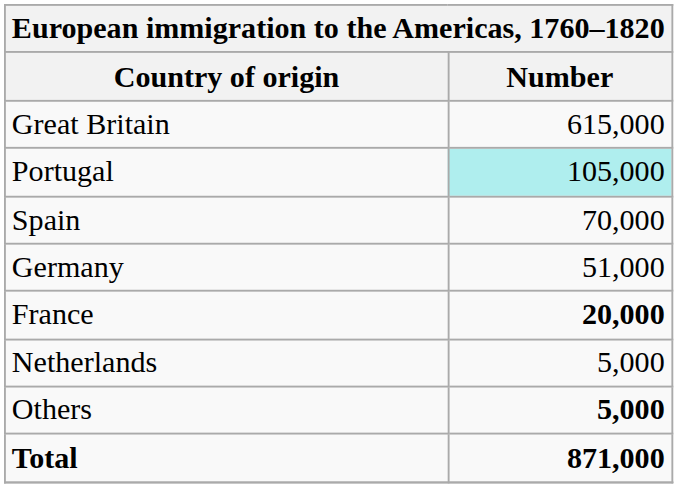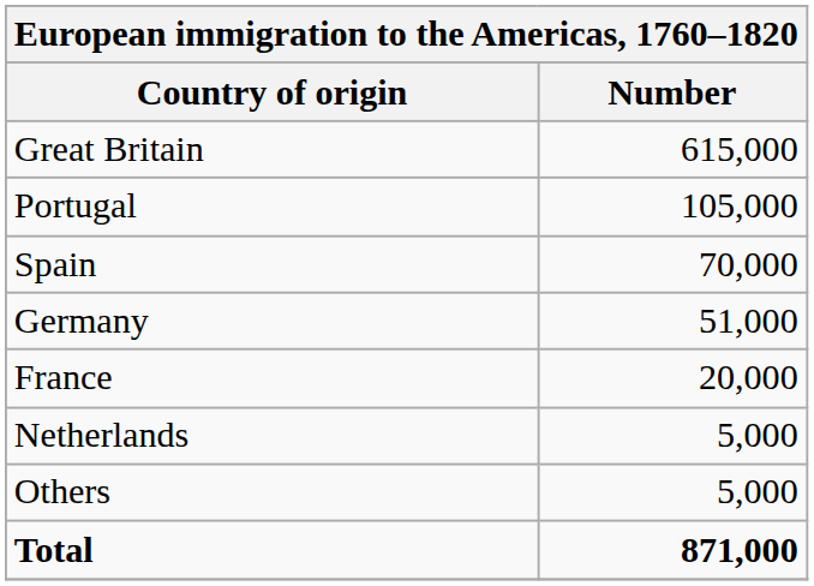 <table class="wikitable sortable" style="text-align:right">
 <tr>
 <th colspan="4">European immigration to the Americas, 1760–1820</th>
 </tr>
 <tr>
 <th>Country of origin</th>
 <th>Number</th>
 </tr>
 <tr>
 <td align="left">Great Britain</td>
 <td>615,000</td>
 </tr>
 <tr>
 <td align="left">Portugal</td>
-<td style="background: paleturquoise;">105,000</td>
+<td>105,000</td>
 </tr>
 <tr>
 <td align="left">Spain</td>
 <td>70,000</td>
 </tr>
 <tr>
 <td align="left">Germany</td>
 <td>51,000</td>
 </tr>
 <tr>
 <td align="left">France</td>
-<td><strong>20,000</strong></td>
+<td>20,000</td>
 </tr>
 <tr>
 <td align="left">Netherlands</td>
 <td>5,000</td>
 </tr>
 <tr>
 <td align="left">Others</td>
-<td><strong>5,000</strong></td>
+<td>5,000</td>
 </tr>
 <tr>
 <td align="left"><strong>Total</strong></td>
 <td><strong>871,000</strong></td>
 </tr>
 <tr>
 </tr>
 </table>
